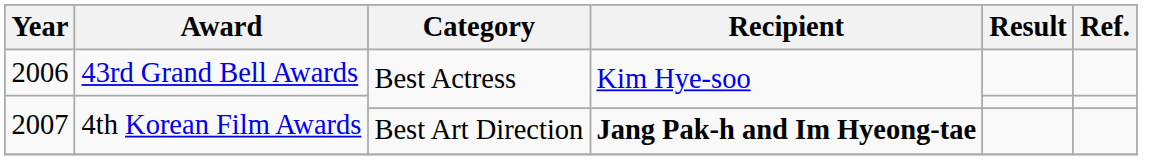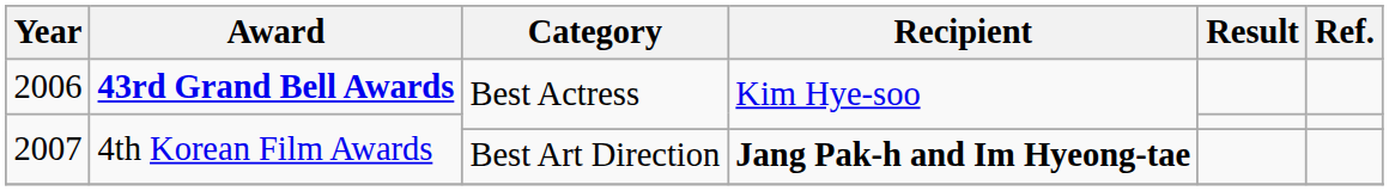 <table class="wikitable">
 <tr>
 <th>Year</th>
 <th>Award</th>
 <th>Category</th>
 <th>Recipient</th>
 <th>Result</th>
 <th>Ref.</th>
 </tr>
 <tr>
 <td>2006</td>
-<td><a href='#'>43rd Grand Bell Awards</a></td>
+<td><strong><a href='#'>43rd Grand Bell Awards</a></strong></td>
 <td rowspan=2>Best Actress</td>
 <td rowspan="2" class="nowrap"><a href='#'>Kim Hye-soo</a></td>
 <td></td>
 <td></td>
 </tr>
 <tr>
 <td rowspan=2>2007</td>
 <td rowspan=2>4th <a href='#'>Korean Film Awards</a></td>
 <td></td>
 <td></td>
 </tr>
 <tr>
 <td>Best Art Direction</td>
 <td><strong>Jang Pak-h and Im Hyeong-tae</strong></td>
 <td></td>
 <td></td>
 </tr>
 <tr>
 </tr>
 </table>
